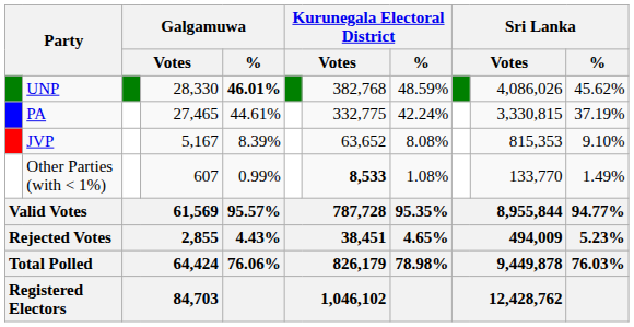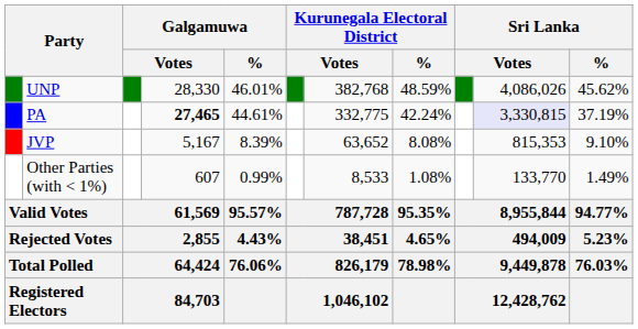 <table class="wikitable">
 <tr>
 <th colspan="2" width="144px"rowspan="2">Party</th>
 <th colspan="3" width="216px">Galgamuwa</th>
 <th colspan="3" width="216px"><a href='#'>Kurunegala Electoral District</a></th>
 <th colspan="3" width="216px">Sri Lanka</th>
 </tr>
 <tr>
 <th colspan="2" width="144px">Votes</th>
 <th>%</th>
 <th colspan="2" width="144px">Votes</th>
 <th>%</th>
 <th colspan="2" width="144px">Votes</th>
 <th>%</th>
 </tr>
 <tr>
 <td style="background-color:green;" width="10px"></td>
 <td style="text-align:left;"><a href='#'>UNP</a></td>
 <td style="background-color:green;" width="10px"></td>
 <td style="text-align:right;">28,330</td>
-<td style="text-align:right;"><strong>46.01%</strong></td>
+<td style="text-align:right;">46.01%</td>
 <td style="background-color:green;" width="10px"></td>
 <td style="text-align:right;">382,768</td>
 <td style="text-align:right;">48.59%</td>
 <td style="background-color:green;" width="10px"></td>
 <td style="text-align:right;">4,086,026</td>
 <td style="text-align:right;">45.62%</td>
 </tr>
 <tr>
 <td style="background-color:blue;" width="10px"></td>
 <td style="text-align:left;"><a href='#'>PA</a></td>
 <td style="background-color:white;" width="10px"></td>
-<td style="text-align:right;">27,465</td>
+<td style="text-align:right;"><strong>27,465</strong></td>
 <td style="text-align:right;">44.61%</td>
 <td style="background-color:white;" width="10px"></td>
 <td style="text-align:right;">332,775</td>
 <td style="text-align:right;">42.24%</td>
 <td style="background-color:white;" width="10px"></td>
-<td style="text-align:right;">3,330,815</td>
+<td style="background: lavender; text-align:right;">3,330,815</td>
 <td style="text-align:right;">37.19%</td>
 </tr>
 <tr>
 <td style="background-color:red;" width="10px"></td>
 <td style="text-align:left;"><a href='#'>JVP</a></td>
 <td style="background-color:white;" width="10px"></td>
 <td style="text-align:right;">5,167</td>
 <td style="text-align:right;">8.39%</td>
 <td style="background-color:white;" width="10px"></td>
 <td style="text-align:right;">63,652</td>
 <td style="text-align:right;">8.08%</td>
 <td style="background-color:white;" width="10px"></td>
 <td style="text-align:right;">815,353</td>
 <td style="text-align:right;">9.10%</td>
 </tr>
 <tr>
 <td style="background-color:white;" width="10px"></td>
 <td style="text-align:left;">Other Parties (with < 1%)</td>
 <td style="background-color:white;" width="10px"></td>
 <td style="text-align:right;">607</td>
 <td style="text-align:right;">0.99%</td>
 <td style="background-color:white;" width="10px"></td>
-<td style="text-align:right;"><strong>8,533</strong></td>
+<td style="text-align:right;">8,533</td>
 <td style="text-align:right;">1.08%</td>
 <td style="background-color:white;" width="10px"></td>
 <td style="text-align:right;">133,770</td>
 <td style="text-align:right;">1.49%</td>
 </tr>
 <tr>
 <th colspan="2" width="144px"style="text-align:left;">Valid Votes</th>
 <th style="text-align:right;"colspan="2" width="144px">61,569</th>
 <th style="text-align:right;">95.57%</th>
 <th style="text-align:right;"colspan="2" width="144px">787,728</th>
 <th style="text-align:right;">95.35%</th>
 <th style="text-align:right;"colspan="2" width="144px">8,955,844</th>
 <th style="text-align:right;">94.77%</th>
 </tr>
 <tr>
 <th colspan="2" width="144px"style="text-align:left;">Rejected Votes</th>
 <th style="text-align:right;"colspan="2" width="144px">2,855</th>
 <th style="text-align:right;">4.43%</th>
 <th style="text-align:right;"colspan="2" width="144px">38,451</th>
 <th style="text-align:right;">4.65%</th>
 <th style="text-align:right;"colspan="2" width="144px">494,009</th>
 <th style="text-align:right;">5.23%</th>
 </tr>
 <tr>
 <th colspan="2" width="144px"style="text-align:left;">Total Polled</th>
 <th style="text-align:right;"colspan="2" width="144px">64,424</th>
 <th style="text-align:right;">76.06%</th>
 <th style="text-align:right;"colspan="2" width="144px">826,179</th>
 <th style="text-align:right;">78.98%</th>
 <th style="text-align:right;"colspan="2" width="144px">9,449,878</th>
 <th style="text-align:right;">76.03%</th>
 </tr>
 <tr>
 <th colspan="2" width="144px"style="text-align:left;">Registered Electors</th>
 <th style="text-align:right;"colspan="2" width="144px">84,703</th>
 <th></th>
 <th style="text-align:right;"colspan="2" width="144px">1,046,102</th>
 <th></th>
 <th style="text-align:right;"colspan="2" width="144px">12,428,762</th>
 <th></th>
 </tr>
 </table>
